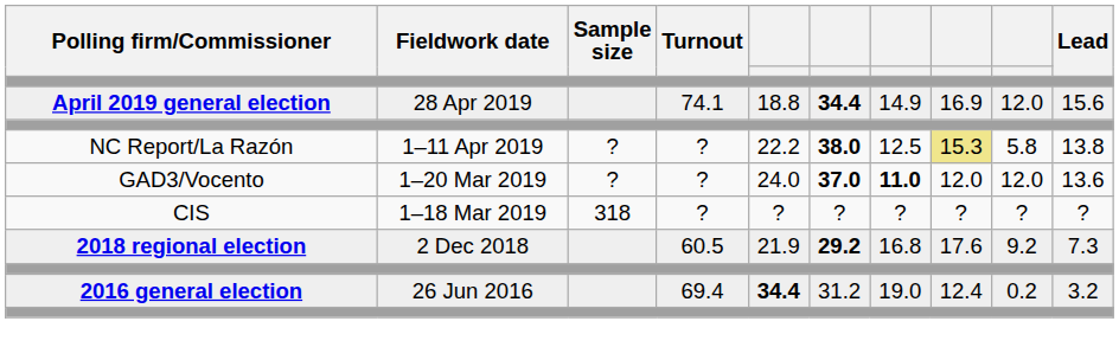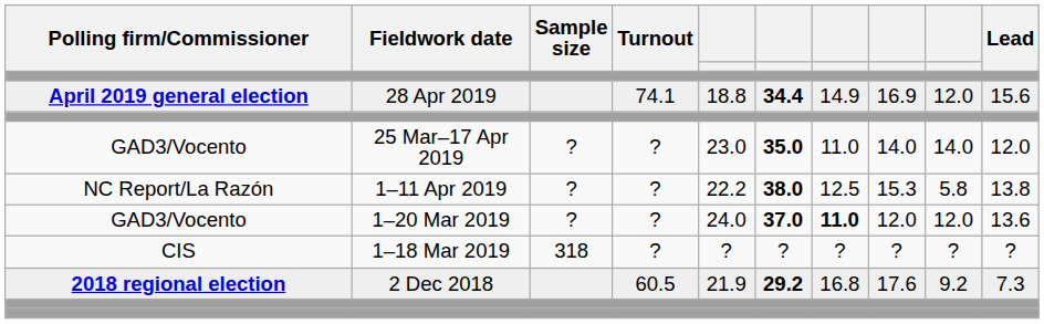 <table class="wikitable collapsible collapsed" style="text-align:center; font-size:95%; line-height:16px;">
 <tr style="height:42px;">
 <th style="width:250px;" rowspan="2">Polling firm/Commissioner</th>
 <th style="width:125px;" rowspan="2">Fieldwork date</th>
 <th style="width:50px;" rowspan="2">Sample size</th>
 <th style="width:45px;" rowspan="2">Turnout</th>
 <th style="width:35px;"></th>
 <th style="width:35px;"></th>
 <th style="width:35px;"></th>
 <th style="width:35px;"></th>
 <th style="width:35px;"></th>
 <th style="width:30px;" rowspan="2">Lead</th>
 </tr>
 <tr>
 <th style="color:inherit;background:"></th>
 <th style="color:inherit;background:"></th>
 <th style="color:inherit;background:"></th>
 <th style="color:inherit;background:"></th>
 <th style="color:inherit;background:"></th>
 </tr>
 <tr>
 <td colspan="10" style="background:#A0A0A0"></td>
 </tr>
 <tr style="background:#EFEFEF;">
 <td><strong><a href='#'>April 2019 general election</a></strong></td>
 <td>28 Apr 2019</td>
 <td></td>
 <td>74.1</td>
 <td>18.8<br></td>
 <td><strong>34.4</strong><br></td>
 <td>14.9<br></td>
 <td>16.9<br></td>
 <td>12.0<br></td>
 <td style="background:">15.6</td>
 </tr>
 <tr>
 <td colspan="10" style="background:#A0A0A0"></td>
 </tr>
 <tr>
+<td>GAD3/Vocento</td>
+<td>25 Mar–17 Apr 2019</td>
+<td>?</td>
+<td>?</td>
+<td>23.0<br></td>
+<td><strong>35.0</strong><br></td>
+<td>11.0<br></td>
+<td>14.0<br></td>
+<td>14.0<br></td>
+<td style="background:">12.0</td>
+</tr>
+<tr>
 <td>NC Report/La Razón</td>
 <td>1–11 Apr 2019</td>
 <td>?</td>
 <td>?</td>
 <td>22.2<br></td>
 <td><strong>38.0</strong><br></td>
 <td>12.5<br></td>
-<td style="background: khaki;">15.3<br></td>
+<td>15.3<br></td>
 <td>5.8<br></td>
 <td style="background:">13.8</td>
 </tr>
 <tr>
 <td>GAD3/Vocento</td>
 <td>1–20 Mar 2019</td>
 <td>?</td>
 <td>?</td>
 <td>24.0<br></td>
 <td><strong>37.0</strong><br></td>
 <td><strong>11.0<br></strong></td>
 <td>12.0<br></td>
 <td>12.0<br></td>
 <td style="background:">13.6</td>
 </tr>
 <tr>
 <td>CIS</td>
 <td>1–18 Mar 2019</td>
 <td>318</td>
 <td>?</td>
 <td>?<br></td>
 <td>?<br></td>
 <td>?<br></td>
 <td>?<br></td>
 <td>?<br></td>
 <td style="background:">?</td>
 </tr>
 <tr style="background:#EFEFEF;">
 <td><strong><a href='#'>2018 regional election</a></strong></td>
 <td>2 Dec 2018</td>
 <td></td>
 <td>60.5</td>
 <td>21.9<br></td>
 <td><strong>29.2</strong><br></td>
 <td>16.8<br></td>
 <td>17.6<br></td>
 <td>9.2<br></td>
 <td style="background:">7.3</td>
 </tr>
 <tr>
 <td colspan="10" style="background:#A0A0A0"></td>
 </tr>
-<tr style="background:#EFEFEF;">
-<td><strong><a href='#'>2016 general election</a></strong></td>
-<td>26 Jun 2016</td>
-<td></td>
-<td>69.4</td>
-<td><strong>34.4</strong><br></td>
-<td>31.2<br></td>
-<td>19.0<br></td>
-<td>12.4<br></td>
-<td>0.2<br></td>
-<td style="background:">3.2</td>
-</tr>
 <tr>
 <td colspan="10" style="background:#A0A0A0"></td>
 </tr>
 </table>
